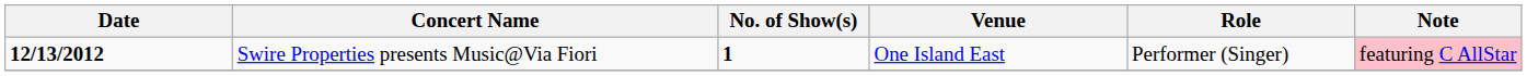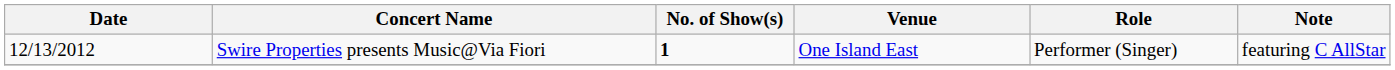 <table class="wikitable">
 <tr>
 <th style="width:15%">Date</th>
 <th style="width:32%">Concert Name</th>
 <th style="width:10%">No. of Show(s)</th>
 <th style="width:17%">Venue</th>
 <th style="width:15%">Role</th>
 <th style="width:24%">Note</th>
 </tr>
 <tr>
-<td><strong>12/13/2012</strong></td>
+<td>12/13/2012</td>
 <td><a href='#'>Swire Properties</a> presents Music@Via Fiori</td>
 <td><strong>1</strong></td>
 <td><a href='#'>One Island East</a></td>
 <td>Performer (Singer)</td>
-<td style="background: pink;">featuring <a href='#'>C AllStar</a></td>
+<td>featuring <a href='#'>C AllStar</a></td>
 </tr>
 <tr>
 </tr>
 </table>
